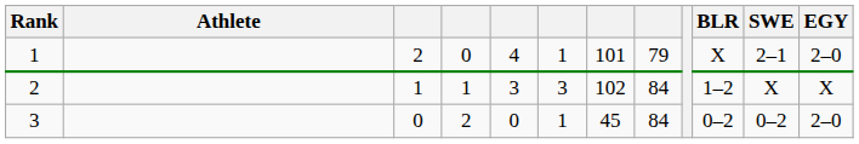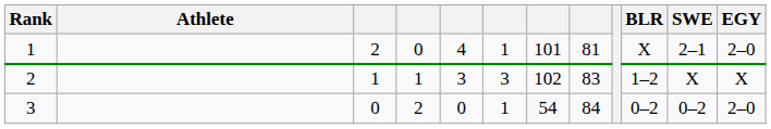 <table class="wikitable" style="text-align:center">
 <tr>
 <th>Rank</th>
 <th width=250>Athlete</th>
 <th width=30></th>
 <th width=30></th>
 <th width=30></th>
 <th width=30></th>
 <th width=30></th>
 <th width=30></th>
 <th rowspan=4></th>
 <th width=30>BLR</th>
 <th width=30>SWE</th>
 <th width=30>EGY</th>
 </tr>
 <tr style="border-bottom:2px solid green;">
 <td>1</td>
 <td align=left></td>
 <td>2</td>
 <td>0</td>
 <td>4</td>
 <td>1</td>
 <td>101</td>
-<td>79</td>
+<td>81</td>
 <td>X</td>
 <td>2–1</td>
 <td>2–0</td>
 </tr>
 <tr>
 <td>2</td>
 <td align=left></td>
 <td>1</td>
 <td>1</td>
 <td>3</td>
 <td>3</td>
 <td>102</td>
-<td>84</td>
+<td>83</td>
 <td>1–2</td>
 <td>X</td>
 <td>X</td>
 </tr>
 <tr>
 <td>3</td>
 <td align=left></td>
 <td>0</td>
 <td>2</td>
 <td>0</td>
 <td>1</td>
-<td>45</td>
+<td>54</td>
 <td>84</td>
 <td>0–2</td>
 <td>0–2</td>
 <td>2–0</td>
 </tr>
 </table>
